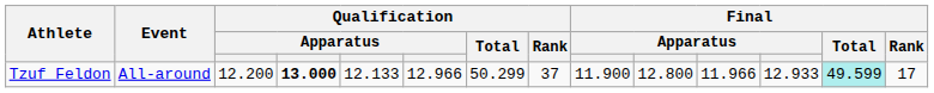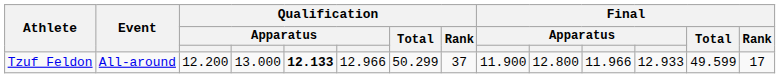 <table class="wikitable" style="font-size:90%">
 <tr>
 <th rowspan=3>Athlete</th>
 <th rowspan=3>Event</th>
 <th colspan=6>Qualification</th>
 <th colspan=6>Final</th>
 </tr>
 <tr style="font-size:95%">
 <th colspan=4>Apparatus</th>
 <th rowspan=2>Total</th>
 <th rowspan=2>Rank</th>
 <th colspan=4>Apparatus</th>
 <th rowspan=2>Total</th>
 <th rowspan=2>Rank</th>
 </tr>
 <tr style="font-size:95%">
 <th></th>
 <th></th>
 <th></th>
 <th></th>
 <th></th>
 <th></th>
 <th></th>
 <th></th>
 </tr>
 <tr align=center>
 <td align=left><a href='#'>Tzuf Feldon</a></td>
 <td align=left><a href='#'>All-around</a></td>
 <td>12.200</td>
-<td><strong>13.000</strong></td>
-<td>12.133</td>
+<td>13.000</td>
+<td><strong>12.133</strong></td>
 <td>12.966</td>
 <td>50.299</td>
 <td>37</td>
 <td>11.900</td>
 <td>12.800</td>
 <td>11.966</td>
 <td>12.933</td>
-<td style="background: paleturquoise;">49.599</td>
+<td>49.599</td>
 <td>17</td>
 </tr>
 </table>
